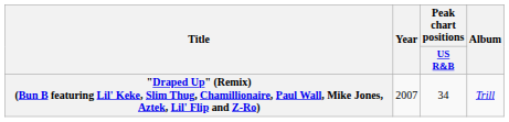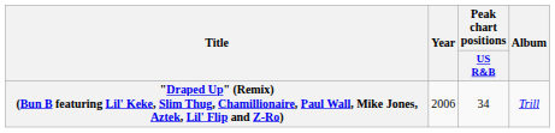 <table class="wikitable plainrowheaders" style="text-align:center;">
 <tr>
 <th scope="col" rowspan="2" style="width:35em;">Title</th>
 <th scope="col" rowspan="2">Year</th>
 <th>Peak chart positions</th>
 <th scope="col" rowspan="2">Album</th>
 </tr>
 <tr>
 <th scope="col" style="width:3em;font-size:90%;"><a href='#'>US<br>R&B</a></th>
 </tr>
 <tr>
 <th scope="row">"<a href='#'>Draped Up</a>" (Remix)<br><span>(<a href='#'>Bun B</a> featuring <a href='#'>Lil' Keke</a>, <a href='#'>Slim Thug</a>, <a href='#'>Chamillionaire</a>, <a href='#'>Paul Wall</a>, Mike Jones, <a href='#'>Aztek</a>, <a href='#'>Lil' Flip</a> and <a href='#'>Z-Ro</a>)</span></th>
-<td>2007</td>
+<td>2006</td>
 <td>34</td>
 <td><em><a href='#'>Trill</a></em></td>
 </tr>
 </table>
